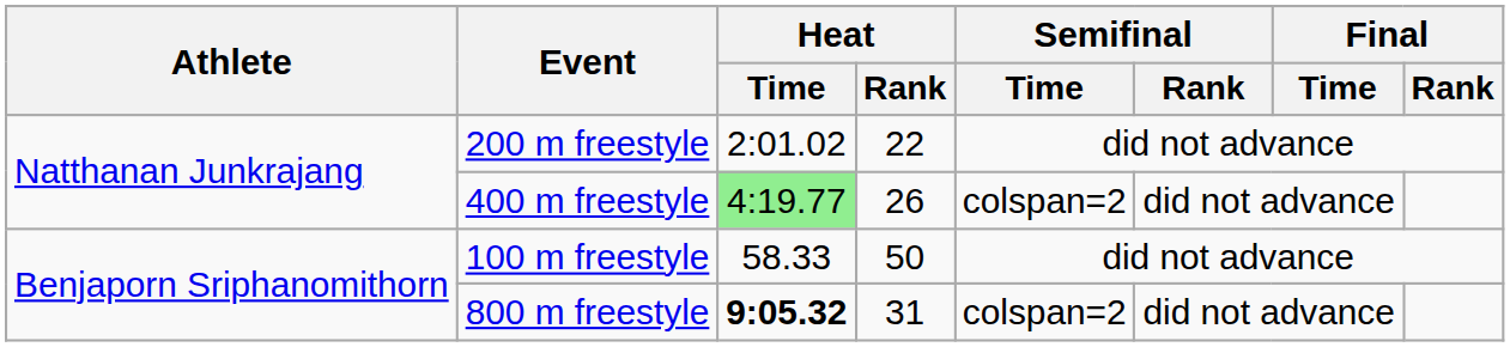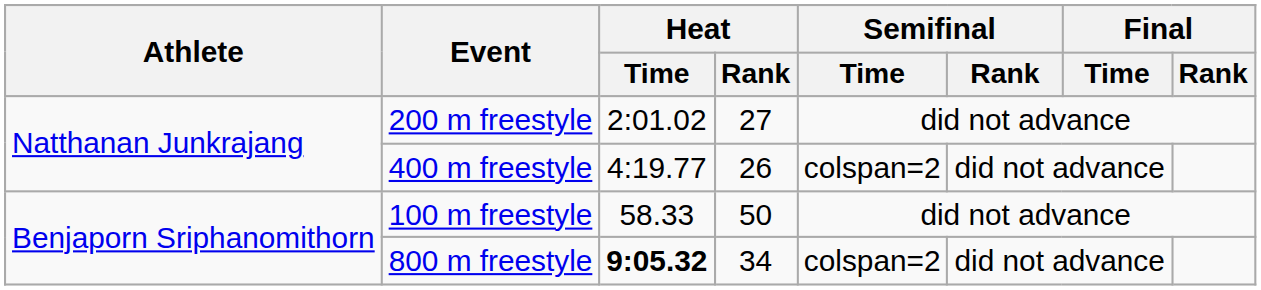 <table class=wikitable style="font-size:90%">
 <tr>
 <th rowspan="2">Athlete</th>
 <th rowspan="2">Event</th>
 <th colspan="2">Heat</th>
 <th colspan="2">Semifinal</th>
 <th colspan="2">Final</th>
 </tr>
 <tr style="font-size:95%">
 <th>Time</th>
 <th>Rank</th>
 <th>Time</th>
 <th>Rank</th>
 <th>Time</th>
 <th>Rank</th>
 </tr>
 <tr align=center>
 <td align=left rowspan=2><a href='#'>Natthanan Junkrajang</a></td>
 <td align=left><a href='#'>200 m freestyle</a></td>
 <td>2:01.02</td>
-<td>22</td>
+<td>27</td>
 <td colspan=4>did not advance</td>
 </tr>
 <tr align=center>
 <td align=left><a href='#'>400 m freestyle</a></td>
-<td style="background: lightgreen;">4:19.77</td>
+<td>4:19.77</td>
 <td>26</td>
 <td>colspan=2 </td>
 <td colspan=2>did not advance</td>
 </tr>
 <tr align=center>
 <td align=left rowspan=2><a href='#'>Benjaporn Sriphanomithorn</a></td>
 <td align=left><a href='#'>100 m freestyle</a></td>
 <td>58.33</td>
 <td>50</td>
 <td colspan=4>did not advance</td>
 </tr>
 <tr align=center>
 <td align=left><a href='#'>800 m freestyle</a></td>
 <td><strong>9:05.32</strong></td>
-<td>31</td>
+<td>34</td>
 <td>colspan=2 </td>
 <td colspan=2>did not advance</td>
 </tr>
 </table>
